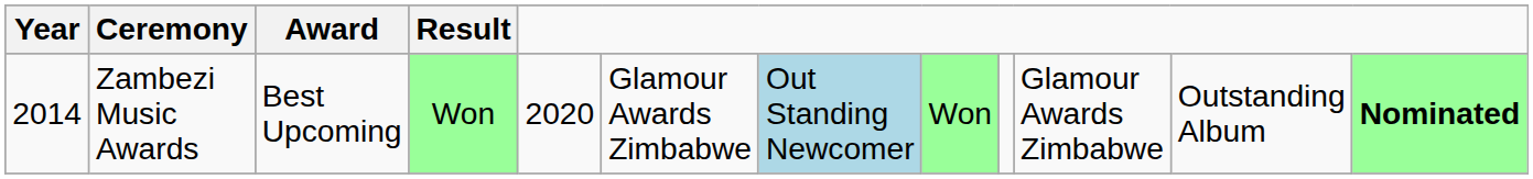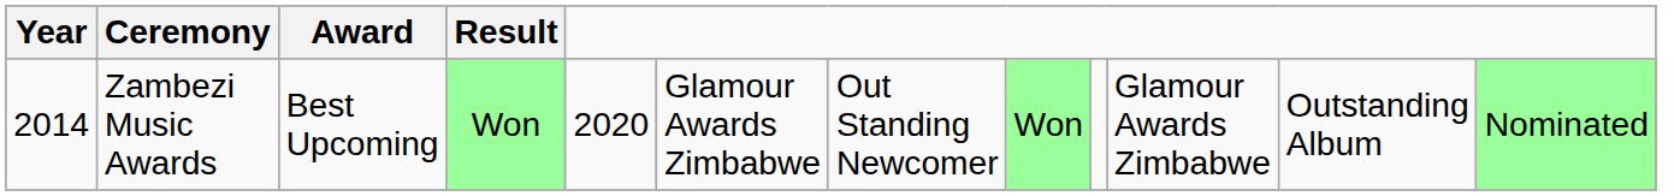 <table class=" wikitable plainrowheaders " style="table-layout: fixed; margin-right: 0; ">
 <tr>
 <th scope="col">Year</th>
 <th scope="col">Ceremony</th>
 <th scope="col">Award</th>
 <th scope="col">Result</th>
 </tr>
 <tr>
 <td rowspan="2">2014</td>
 <td rowspan="2">Zambezi Music Awards</td>
 <td>Best Upcoming</td>
 <td style="background: #99FF99; color: black; vertical-align: middle; text-align: center; " class="yes table-yes2">Won</td>
 <td rowspan="2">2020</td>
 <td rowspan="2">Glamour Awards Zimbabwe</td>
-<td style="background: lightblue;">Out Standing Newcomer</td>
+<td>Out Standing Newcomer</td>
 <td style="background: #99FF99; color: black; vertical-align: middle; text-align: center; " class="yes table-yes2">Won</td>
 <td rowspan="2"></td>
 <td rowspan="2">Glamour Awards Zimbabwe</td>
 <td>Outstanding Album</td>
-<td style="background: #99FF99; color: black; vertical-align: middle; text-align: center; " class="yes table-yes2"><strong>Nominated</strong></td>
+<td style="background: #99FF99; color: black; vertical-align: middle; text-align: center; " class="yes table-yes2">Nominated</td>
 </tr>
 </table>
